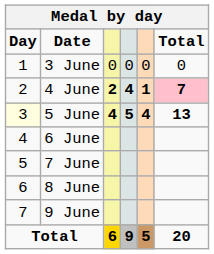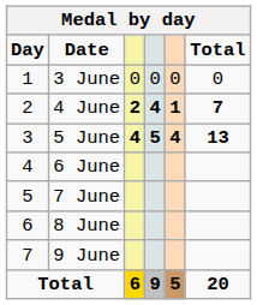 <table class="wikitable" style="font-size:85%; float:right;text-align:center">
 <tr>
 <th colspan="6"><strong>Medal by day</strong></th>
 </tr>
 <tr>
 <td><strong>Day</strong></td>
 <td><strong>Date</strong></td>
 <td bgcolor="F7F6A8"></td>
 <td bgcolor="DCE5E5"></td>
 <td bgcolor="FFDAB9"></td>
 <td><strong>Total</strong></td>
 </tr>
 <tr>
 <td>1</td>
 <td>3 June</td>
 <td bgcolor="F7F6A8">0</td>
 <td bgcolor="DCE5E5">0</td>
 <td bgcolor="FFDAB9">0</td>
 <td>0</td>
 </tr>
 <tr>
 <td>2</td>
 <td>4 June</td>
 <td bgcolor="F7F6A8"><strong>2</strong></td>
 <td bgcolor="DCE5E5"><strong>4</strong></td>
 <td bgcolor="FFDAB9"><strong>1</strong></td>
-<td style="background: pink;"><strong>7</strong></td>
+<td><strong>7</strong></td>
 </tr>
 <tr>
-<td style="background: lightyellow;">3</td>
+<td>3</td>
 <td>5 June</td>
 <td bgcolor="F7F6A8"><strong>4</strong></td>
 <td bgcolor="DCE5E5"><strong>5</strong></td>
 <td bgcolor="FFDAB9"><strong>4</strong></td>
 <td><strong>13</strong></td>
 </tr>
 <tr>
 <td>4</td>
 <td>6 June</td>
 <td bgcolor="F7F6A8"></td>
 <td bgcolor="DCE5E5"></td>
 <td bgcolor="FFDAB9"></td>
 <td></td>
 </tr>
 <tr>
 <td>5</td>
 <td>7 June</td>
 <td bgcolor="F7F6A8"></td>
 <td bgcolor="DCE5E5"></td>
 <td bgcolor="FFDAB9"></td>
 <td></td>
 </tr>
 <tr>
 <td>6</td>
 <td>8 June</td>
 <td bgcolor="F7F6A8"></td>
 <td bgcolor="DCE5E5"></td>
 <td bgcolor="FFDAB9"></td>
 <td></td>
 </tr>
 <tr>
 <td>7</td>
 <td>9 June</td>
 <td bgcolor="F7F6A8"></td>
 <td bgcolor="DCE5E5"></td>
 <td bgcolor="FFDAB9"></td>
 <td></td>
 </tr>
 <tr>
 <td colspan="2"><strong>Total</strong></td>
 <td style="background:gold;"><strong>6</strong></td>
 <td style="background:silver;"><strong>9</strong></td>
 <td style="background:#c96;"><strong>5</strong></td>
 <td><strong>20</strong></td>
 </tr>
 </table>
